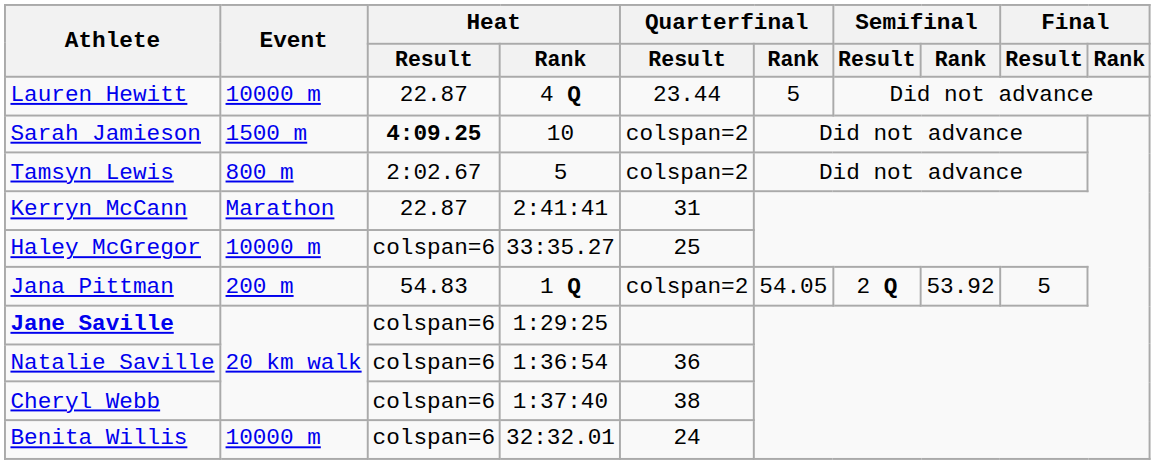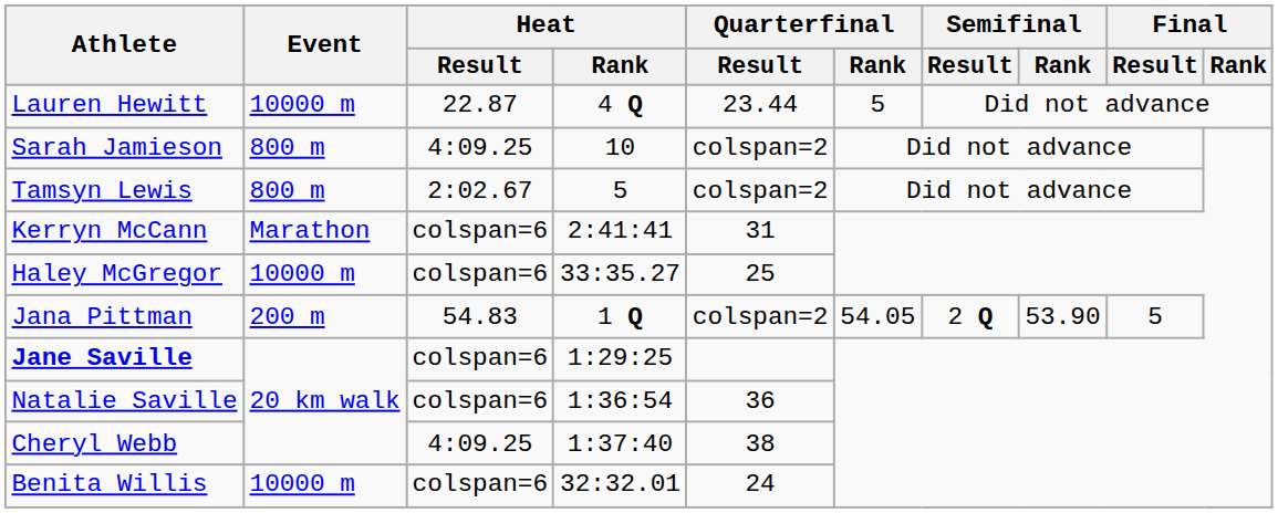 <table class=wikitable style="font-size:90%">
 <tr>
 <th rowspan="2">Athlete</th>
 <th rowspan="2">Event</th>
 <th colspan="2">Heat</th>
 <th colspan="2">Quarterfinal</th>
 <th colspan="2">Semifinal</th>
 <th colspan="2">Final</th>
 </tr>
 <tr style="font-size:95%">
 <th>Result</th>
 <th>Rank</th>
 <th>Result</th>
 <th>Rank</th>
 <th>Result</th>
 <th>Rank</th>
 <th>Result</th>
 <th>Rank</th>
 </tr>
 <tr align=center>
 <td align="left"><a href='#'>Lauren Hewitt</a></td>
 <td align="left"><a href='#'>10000 m</a></td>
 <td>22.87</td>
 <td>4 <strong>Q</strong></td>
 <td>23.44</td>
 <td>5</td>
 <td colspan=4>Did not advance</td>
 </tr>
 <tr align=center>
 <td align="left"><a href='#'>Sarah Jamieson</a></td>
-<td align="left"><a href='#'>1500 m</a></td>
-<td><strong>4:09.25</strong></td>
+<td align="left"><a href='#'>800 m</a></td>
+<td>4:09.25</td>
 <td>10</td>
 <td>colspan=2 </td>
 <td colspan=4>Did not advance</td>
 </tr>
 <tr align=center>
 <td align="left"><a href='#'>Tamsyn Lewis</a></td>
 <td align="left"><a href='#'>800 m</a></td>
 <td>2:02.67</td>
 <td>5</td>
 <td>colspan=2 </td>
 <td colspan=4>Did not advance</td>
 </tr>
 <tr align=center>
 <td align="left"><a href='#'>Kerryn McCann</a></td>
 <td align="left"><a href='#'>Marathon</a></td>
-<td>22.87</td>
+<td>colspan=6 </td>
 <td>2:41:41</td>
 <td>31</td>
 </tr>
 <tr align=center>
 <td align="left"><a href='#'>Haley McGregor</a></td>
 <td align="left"><a href='#'>10000 m</a></td>
 <td>colspan=6 </td>
 <td>33:35.27</td>
 <td>25</td>
 </tr>
 <tr align=center>
 <td align="left"><a href='#'>Jana Pittman</a></td>
 <td align="left"><a href='#'>200 m</a></td>
 <td>54.83</td>
 <td>1 <strong>Q</strong></td>
 <td>colspan=2 </td>
 <td>54.05</td>
 <td>2 <strong>Q</strong></td>
-<td>53.92</td>
+<td>53.90</td>
 <td>5</td>
 </tr>
 <tr align=center>
 <td align="left"><strong><a href='#'>Jane Saville</a></strong></td>
 <td align="left" rowspan=3><a href='#'>20 km walk</a></td>
 <td>colspan=6 </td>
 <td>1:29:25</td>
 <td></td>
 </tr>
 <tr align=center>
 <td align="left"><a href='#'>Natalie Saville</a></td>
 <td>colspan=6 </td>
 <td>1:36:54</td>
 <td>36</td>
 </tr>
 <tr align=center>
 <td align="left"><a href='#'>Cheryl Webb</a></td>
-<td>colspan=6 </td>
+<td>4:09.25</td>
 <td>1:37:40</td>
 <td>38</td>
 </tr>
 <tr align=center>
 <td align="left"><a href='#'>Benita Willis</a></td>
 <td align="left"><a href='#'>10000 m</a></td>
 <td>colspan=6 </td>
 <td>32:32.01</td>
 <td>24</td>
 </tr>
 </table>
